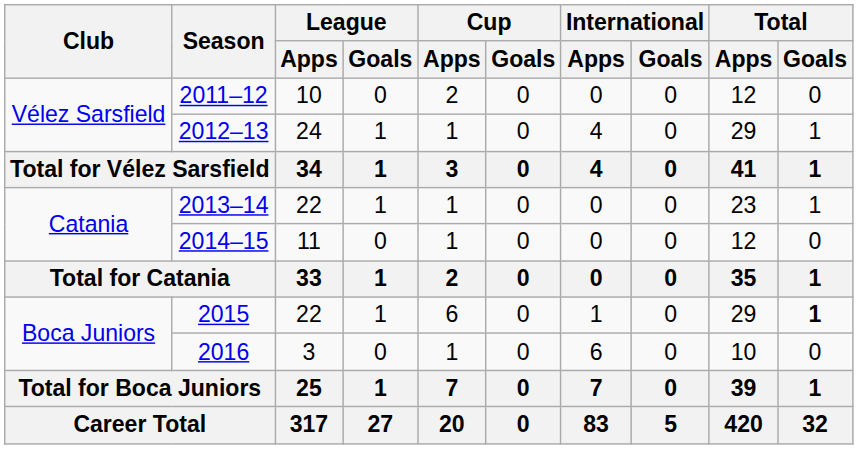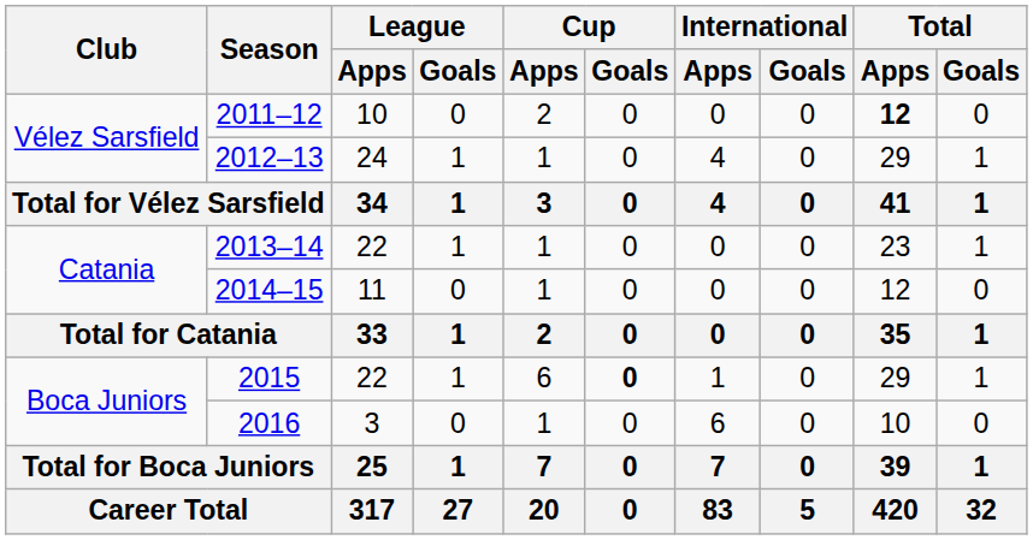 <table class="wikitable" style="text-align: center;">
 <tr>
 <th rowspan="2">Club</th>
 <th rowspan="2">Season</th>
 <th colspan="2">League</th>
 <th colspan="2">Cup</th>
 <th colspan="2">International</th>
 <th colspan="2">Total</th>
 </tr>
 <tr>
 <th>Apps</th>
 <th>Goals</th>
 <th>Apps</th>
 <th>Goals</th>
 <th>Apps</th>
 <th>Goals</th>
 <th>Apps</th>
 <th>Goals</th>
 </tr>
 <tr>
 <td rowspan="2" valign="center"><a href='#'>Vélez Sarsfield</a></td>
 <td><a href='#'>2011–12</a></td>
 <td>10</td>
 <td>0</td>
 <td>2</td>
 <td>0</td>
 <td>0</td>
 <td>0</td>
-<td>12</td>
+<td><strong>12</strong></td>
 <td>0</td>
 </tr>
 <tr>
 <td><a href='#'>2012–13</a></td>
 <td>24</td>
 <td>1</td>
 <td>1</td>
 <td>0</td>
 <td>4</td>
 <td>0</td>
 <td>29</td>
 <td>1</td>
 </tr>
 <tr>
 <th colspan="2"><strong>Total for Vélez Sarsfield</strong></th>
 <th>34</th>
 <th>1</th>
 <th>3</th>
 <th>0</th>
 <th>4</th>
 <th>0</th>
 <th>41</th>
 <th>1</th>
 </tr>
 <tr>
 <td rowspan="2" valign="center"><a href='#'>Catania</a></td>
 <td><a href='#'>2013–14</a></td>
 <td>22</td>
 <td>1</td>
 <td>1</td>
 <td>0</td>
 <td>0</td>
 <td>0</td>
 <td>23</td>
 <td>1</td>
 </tr>
 <tr>
 <td><a href='#'>2014–15</a></td>
 <td>11</td>
 <td>0</td>
 <td>1</td>
 <td>0</td>
 <td>0</td>
 <td>0</td>
 <td>12</td>
 <td>0</td>
 </tr>
 <tr>
 <th colspan="2"><strong>Total for Catania</strong></th>
 <th>33</th>
 <th>1</th>
 <th>2</th>
 <th>0</th>
 <th>0</th>
 <th>0</th>
 <th>35</th>
 <th>1</th>
 </tr>
 <tr>
 <td rowspan="2" valign="center"><a href='#'>Boca Juniors</a></td>
 <td><a href='#'>2015</a></td>
 <td>22</td>
 <td>1</td>
 <td>6</td>
-<td>0</td>
+<td><strong>0</strong></td>
 <td>1</td>
 <td>0</td>
 <td>29</td>
-<td><strong>1</strong></td>
+<td>1</td>
 </tr>
 <tr>
 <td><a href='#'>2016</a></td>
 <td>3</td>
 <td>0</td>
 <td>1</td>
 <td>0</td>
 <td>6</td>
 <td>0</td>
 <td>10</td>
 <td>0</td>
 </tr>
 <tr>
 <th colspan="2"><strong>Total for Boca Juniors</strong></th>
 <th>25</th>
 <th>1</th>
 <th>7</th>
 <th>0</th>
 <th>7</th>
 <th>0</th>
 <th>39</th>
 <th>1</th>
 </tr>
 <tr>
 <th colspan="2"><strong>Career Total</strong></th>
 <th>317</th>
 <th>27</th>
 <th>20</th>
 <th>0</th>
 <th>83</th>
 <th>5</th>
 <th>420</th>
 <th>32</th>
 </tr>
 </table>
